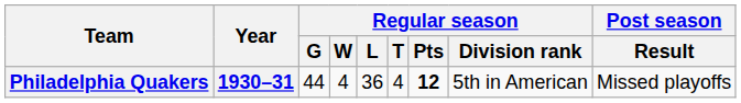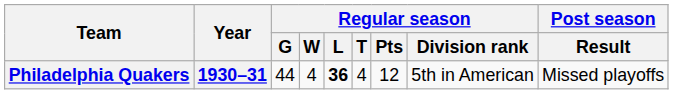 <table class="wikitable" style="font-size: 95%; text-align:center;">
 <tr>
 <th rowspan="2">Team</th>
 <th rowspan="2">Year</th>
 <th colspan="6"><a href='#'>Regular season</a></th>
 <th colspan="1"><a href='#'>Post season</a></th>
 </tr>
 <tr>
 <th>G</th>
 <th>W</th>
 <th>L</th>
 <th>T</th>
 <th>Pts</th>
 <th>Division rank</th>
 <th>Result</th>
 </tr>
 <tr>
 <th><a href='#'>Philadelphia Quakers</a></th>
 <th><a href='#'>1930–31</a></th>
 <td>44</td>
 <td>4</td>
-<td>36</td>
+<td><strong>36</strong></td>
 <td>4</td>
-<td><strong>12</strong></td>
+<td>12</td>
 <td>5th in American</td>
 <td>Missed playoffs</td>
 </tr>
 </table>
